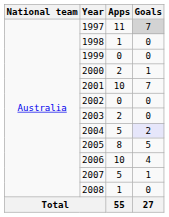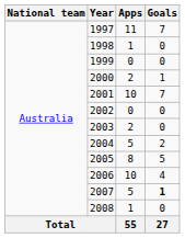 <table class="wikitable" style="text-align:center">
 <tr>
 <th>National team</th>
 <th>Year</th>
 <th>Apps</th>
 <th>Goals</th>
 </tr>
 <tr>
 <td rowspan="12"><a href='#'>Australia</a></td>
 <td>1997</td>
 <td>11</td>
-<td style="background: lightgrey;">7</td>
+<td>7</td>
 </tr>
 <tr>
 <td>1998</td>
 <td>1</td>
 <td>0</td>
 </tr>
 <tr>
 <td>1999</td>
 <td>0</td>
 <td>0</td>
 </tr>
 <tr>
 <td>2000</td>
 <td>2</td>
 <td>1</td>
 </tr>
 <tr>
 <td>2001</td>
 <td>10</td>
 <td>7</td>
 </tr>
 <tr>
 <td>2002</td>
 <td>0</td>
 <td>0</td>
 </tr>
 <tr>
 <td>2003</td>
 <td>2</td>
 <td>0</td>
 </tr>
 <tr>
 <td>2004</td>
 <td>5</td>
-<td style="background: lavender;">2</td>
+<td>2</td>
 </tr>
 <tr>
 <td>2005</td>
 <td>8</td>
 <td>5</td>
 </tr>
 <tr>
 <td>2006</td>
 <td>10</td>
 <td>4</td>
 </tr>
 <tr>
 <td>2007</td>
 <td>5</td>
-<td>1</td>
+<td><strong>1</strong></td>
 </tr>
 <tr>
 <td>2008</td>
 <td>1</td>
 <td>0</td>
 </tr>
 <tr>
 <th colspan="2">Total</th>
 <th>55</th>
 <th>27</th>
 </tr>
 </table>
